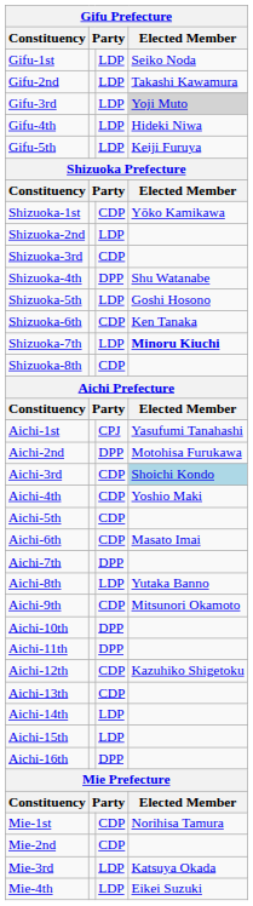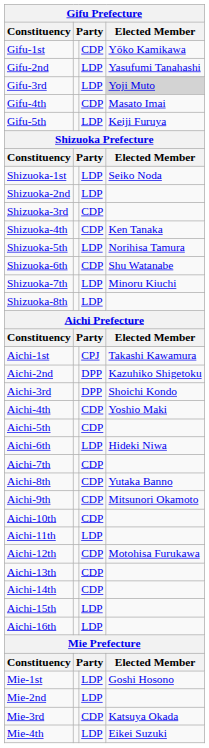 <table class="wikitable">
 <tr>
 <th colspan=4><a href='#'>Gifu Prefecture</a></th>
 </tr>
 <tr>
 <th>Constituency</th>
 <th colspan=2>Party</th>
 <th>Elected Member</th>
 </tr>
 <tr>
 <td><a href='#'>Gifu-1st</a></td>
 <td style="background:"></td>
-<td><a href='#'>LDP</a></td>
-<td><a href='#'>Seiko Noda</a></td>
+<td><a href='#'>CDP</a></td>
+<td><a href='#'>Yōko Kamikawa</a></td>
 </tr>
 <tr>
 <td><a href='#'>Gifu-2nd</a></td>
 <td style="background:"></td>
 <td><a href='#'>LDP</a></td>
-<td><a href='#'>Takashi Kawamura</a></td>
+<td><a href='#'>Yasufumi Tanahashi</a></td>
 </tr>
 <tr>
 <td><a href='#'>Gifu-3rd</a></td>
 <td style="background:"></td>
 <td><a href='#'>LDP</a></td>
 <td style="background: lightgrey;"><a href='#'>Yoji Muto</a></td>
 </tr>
 <tr>
 <td><a href='#'>Gifu-4th</a></td>
 <td style="background:"></td>
-<td><a href='#'>LDP</a></td>
-<td><a href='#'>Hideki Niwa</a></td>
+<td><a href='#'>CDP</a></td>
+<td><a href='#'>Masato Imai</a></td>
 </tr>
 <tr>
 <td><a href='#'>Gifu-5th</a></td>
 <td style="background:"></td>
 <td><a href='#'>LDP</a></td>
 <td><a href='#'>Keiji Furuya</a></td>
 </tr>
 <tr>
 <th colspan=4><a href='#'>Shizuoka Prefecture</a></th>
 </tr>
 <tr>
 <th>Constituency</th>
 <th colspan=2>Party</th>
 <th>Elected Member</th>
 </tr>
 <tr>
 <td><a href='#'>Shizuoka-1st</a></td>
 <td style="background:"></td>
-<td><a href='#'>CDP</a></td>
-<td><a href='#'>Yōko Kamikawa</a></td>
+<td><a href='#'>LDP</a></td>
+<td><a href='#'>Seiko Noda</a></td>
 </tr>
 <tr>
 <td><a href='#'>Shizuoka-2nd</a></td>
 <td style="background:"></td>
 <td><a href='#'>LDP</a></td>
 <td></td>
 </tr>
 <tr>
 <td><a href='#'>Shizuoka-3rd</a></td>
 <td style="background:"></td>
 <td><a href='#'>CDP</a></td>
 <td></td>
 </tr>
 <tr>
 <td><a href='#'>Shizuoka-4th</a></td>
 <td style="background:"></td>
-<td><a href='#'>DPP</a></td>
-<td><a href='#'>Shu Watanabe</a></td>
+<td><a href='#'>CDP</a></td>
+<td><a href='#'>Ken Tanaka</a></td>
 </tr>
 <tr>
 <td><a href='#'>Shizuoka-5th</a></td>
 <td style="background:"></td>
 <td><a href='#'>LDP</a></td>
-<td><a href='#'>Goshi Hosono</a></td>
+<td><a href='#'>Norihisa Tamura</a></td>
 </tr>
 <tr>
 <td><a href='#'>Shizuoka-6th</a></td>
 <td style="background:"></td>
 <td><a href='#'>CDP</a></td>
-<td><a href='#'>Ken Tanaka</a></td>
+<td><a href='#'>Shu Watanabe</a></td>
 </tr>
 <tr>
 <td><a href='#'>Shizuoka-7th</a></td>
 <td style="background:"></td>
 <td><a href='#'>LDP</a></td>
-<td><strong><a href='#'>Minoru Kiuchi</a></strong></td>
+<td><a href='#'>Minoru Kiuchi</a></td>
 </tr>
 <tr>
 <td><a href='#'>Shizuoka-8th</a></td>
 <td style="background:"></td>
-<td><a href='#'>CDP</a></td>
+<td><a href='#'>LDP</a></td>
 <td></td>
 </tr>
 <tr>
 <th colspan=4><a href='#'>Aichi Prefecture</a></th>
 </tr>
 <tr>
 <th>Constituency</th>
 <th colspan=2>Party</th>
 <th>Elected Member</th>
 </tr>
 <tr>
 <td><a href='#'>Aichi-1st</a></td>
 <td style="background:"></td>
 <td><a href='#'>CPJ</a></td>
-<td><a href='#'>Yasufumi Tanahashi</a></td>
+<td><a href='#'>Takashi Kawamura</a></td>
 </tr>
 <tr>
 <td><a href='#'>Aichi-2nd</a></td>
 <td style="background:"></td>
 <td><a href='#'>DPP</a></td>
-<td><a href='#'>Motohisa Furukawa</a></td>
+<td><a href='#'>Kazuhiko Shigetoku</a></td>
 </tr>
 <tr>
 <td><a href='#'>Aichi-3rd</a></td>
 <td style="background:"></td>
-<td><a href='#'>CDP</a></td>
-<td style="background: lightblue;"><a href='#'>Shoichi Kondo</a></td>
+<td><a href='#'>DPP</a></td>
+<td><a href='#'>Shoichi Kondo</a></td>
 </tr>
 <tr>
 <td><a href='#'>Aichi-4th</a></td>
 <td style="background:"></td>
 <td><a href='#'>CDP</a></td>
 <td><a href='#'>Yoshio Maki</a></td>
 </tr>
 <tr>
 <td><a href='#'>Aichi-5th</a></td>
 <td style="background:"></td>
 <td><a href='#'>CDP</a></td>
 <td></td>
 </tr>
 <tr>
 <td><a href='#'>Aichi-6th</a></td>
 <td style="background:"></td>
-<td><a href='#'>CDP</a></td>
-<td><a href='#'>Masato Imai</a></td>
+<td><a href='#'>LDP</a></td>
+<td><a href='#'>Hideki Niwa</a></td>
 </tr>
 <tr>
 <td><a href='#'>Aichi-7th</a></td>
 <td style="background:"></td>
-<td><a href='#'>DPP</a></td>
+<td><a href='#'>CDP</a></td>
 <td></td>
 </tr>
 <tr>
 <td><a href='#'>Aichi-8th</a></td>
 <td style="background:"></td>
-<td><a href='#'>LDP</a></td>
+<td><a href='#'>CDP</a></td>
 <td><a href='#'>Yutaka Banno</a></td>
 </tr>
 <tr>
 <td><a href='#'>Aichi-9th</a></td>
 <td style="background:"></td>
 <td><a href='#'>CDP</a></td>
 <td><a href='#'>Mitsunori Okamoto</a></td>
 </tr>
 <tr>
 <td><a href='#'>Aichi-10th</a></td>
 <td style="background:"></td>
-<td><a href='#'>DPP</a></td>
+<td><a href='#'>CDP</a></td>
 <td></td>
 </tr>
 <tr>
 <td><a href='#'>Aichi-11th</a></td>
 <td style="background:"></td>
-<td><a href='#'>DPP</a></td>
+<td><a href='#'>LDP</a></td>
 <td></td>
 </tr>
 <tr>
 <td><a href='#'>Aichi-12th</a></td>
 <td style="background:"></td>
 <td><a href='#'>CDP</a></td>
-<td><a href='#'>Kazuhiko Shigetoku</a></td>
+<td><a href='#'>Motohisa Furukawa</a></td>
 </tr>
 <tr>
 <td><a href='#'>Aichi-13th</a></td>
 <td style="background:"></td>
 <td><a href='#'>CDP</a></td>
 <td></td>
 </tr>
 <tr>
 <td><a href='#'>Aichi-14th</a></td>
 <td style="background:"></td>
-<td><a href='#'>LDP</a></td>
+<td><a href='#'>CDP</a></td>
 <td></td>
 </tr>
 <tr>
 <td><a href='#'>Aichi-15th</a></td>
 <td style="background:"></td>
 <td><a href='#'>LDP</a></td>
 <td></td>
 </tr>
 <tr>
 <td><a href='#'>Aichi-16th</a></td>
 <td style="background:"></td>
-<td><a href='#'>DPP</a></td>
+<td><a href='#'>LDP</a></td>
 <td></td>
 </tr>
 <tr>
 <th colspan=4><a href='#'>Mie Prefecture</a></th>
 </tr>
 <tr>
 <th>Constituency</th>
 <th colspan=2>Party</th>
 <th>Elected Member</th>
 </tr>
 <tr>
 <td><a href='#'>Mie-1st</a></td>
 <td style="background:"></td>
-<td><a href='#'>CDP</a></td>
-<td><a href='#'>Norihisa Tamura</a></td>
+<td><a href='#'>LDP</a></td>
+<td><a href='#'>Goshi Hosono</a></td>
 </tr>
 <tr>
 <td><a href='#'>Mie-2nd</a></td>
 <td style="background:"></td>
-<td><a href='#'>CDP</a></td>
+<td><a href='#'>LDP</a></td>
 <td></td>
 </tr>
 <tr>
 <td><a href='#'>Mie-3rd</a></td>
 <td style="background:"></td>
-<td><a href='#'>LDP</a></td>
+<td><a href='#'>CDP</a></td>
 <td><a href='#'>Katsuya Okada</a></td>
 </tr>
 <tr>
 <td><a href='#'>Mie-4th</a></td>
 <td style="background:"></td>
 <td><a href='#'>LDP</a></td>
 <td><a href='#'>Eikei Suzuki</a></td>
 </tr>
 </table>
